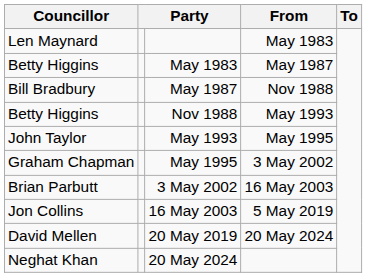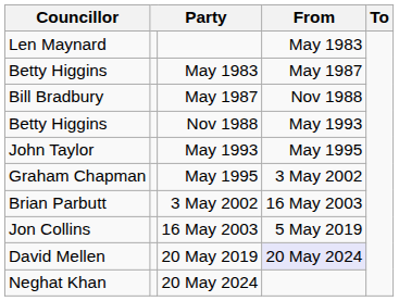 <table class=wikitable>
 <tr>
 <th>Councillor</th>
 <th colspan=2>Party</th>
 <th>From</th>
 <th>To</th>
 </tr>
 <tr>
 <td>Len Maynard</td>
 <td></td>
 <td align=right></td>
 <td align=right>May 1983</td>
 </tr>
 <tr>
 <td>Betty Higgins</td>
 <td></td>
 <td align=right>May 1983</td>
 <td align=right>May 1987</td>
 </tr>
 <tr>
 <td>Bill Bradbury</td>
 <td></td>
 <td align=right>May 1987</td>
 <td align=right>Nov 1988</td>
 </tr>
 <tr>
 <td>Betty Higgins</td>
 <td></td>
 <td align=right>Nov 1988</td>
 <td align=right>May 1993</td>
 </tr>
 <tr>
 <td>John Taylor</td>
 <td></td>
 <td align=right>May 1993</td>
 <td align=right>May 1995</td>
 </tr>
 <tr>
 <td>Graham Chapman</td>
 <td></td>
 <td align=right>May 1995</td>
 <td align=right>3 May 2002</td>
 </tr>
 <tr>
 <td>Brian Parbutt</td>
 <td></td>
 <td align=right>3 May 2002</td>
 <td align=right>16 May 2003</td>
 </tr>
 <tr>
 <td>Jon Collins</td>
 <td></td>
 <td align=right>16 May 2003</td>
 <td align=right>5 May 2019</td>
 </tr>
 <tr>
 <td>David Mellen</td>
 <td></td>
 <td align=right>20 May 2019</td>
-<td align=right>20 May 2024</td>
+<td align=right style="background: lavender;">20 May 2024</td>
 </tr>
 <tr>
 <td>Neghat Khan</td>
 <td></td>
 <td align=right>20 May 2024</td>
 <td align=right></td>
 </tr>
 </table>
